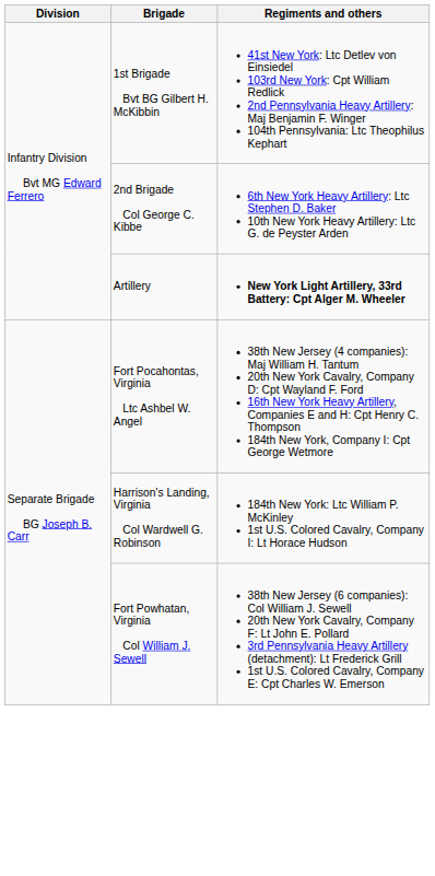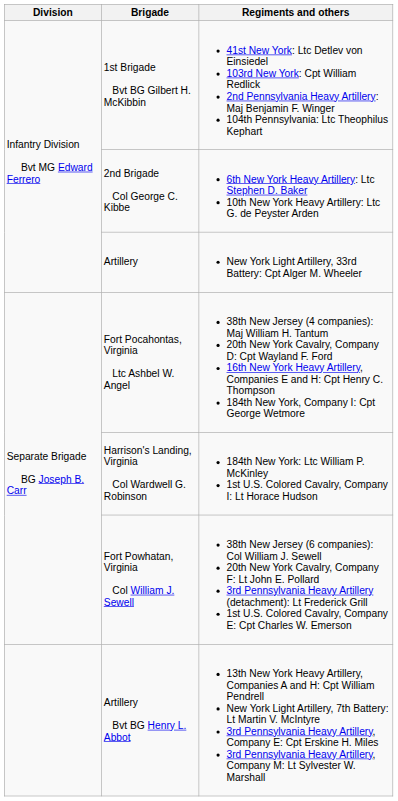 <table class="wikitable">
 <tr>
 <th style="width:25%;">Division</th>
 <th style="width:25%;">Brigade</th>
 <th>Regiments and others</th>
 </tr>
 <tr>
 <td rowspan=3><br>Infantry Division<br><br>     Bvt MG <a href='#'>Edward Ferrero</a></td>
 <td>1st Brigade<br><br>   Bvt BG Gilbert H. McKibbin</td>
 <td><br><ul><li><a href='#'>41st New York</a>:  Ltc Detlev von Einsiedel</li><li><a href='#'>103rd New York</a>: Cpt William Redlick</li><li><a href='#'>2nd Pennsylvania Heavy Artillery</a>: Maj Benjamin F. Winger</li><li>104th Pennsylvania: Ltc Theophilus Kephart</li></ul></td>
 </tr>
 <tr>
 <td>2nd Brigade<br><br>   Col George C. Kibbe</td>
 <td><br><ul><li><a href='#'>6th New York Heavy Artillery</a>: Ltc <a href='#'>Stephen D. Baker</a></li><li>10th New York Heavy Artillery: Ltc G. de Peyster Arden</li></ul></td>
 </tr>
 <tr>
 <td>Artillery</td>
-<td><strong><br><ul><li>New York Light Artillery, 33rd Battery: Cpt Alger M. Wheeler</li></ul></strong></td>
+<td><br><ul><li>New York Light Artillery, 33rd Battery: Cpt Alger M. Wheeler</li></ul></td>
 </tr>
 <tr>
 <td rowspan=3><br>Separate Brigade<br><br>     BG <a href='#'>Joseph B. Carr</a></td>
 <td>Fort Pocahontas, Virginia<br><br>   Ltc Ashbel W. Angel</td>
 <td><br><ul><li>38th New Jersey (4 companies): Maj William H. Tantum</li><li>20th New York Cavalry, Company D: Cpt Wayland F. Ford</li><li><a href='#'>16th New York Heavy Artillery</a>, Companies E and H: Cpt Henry C. Thompson</li><li>184th New York, Company I: Cpt George Wetmore</li></ul></td>
 </tr>
 <tr>
 <td>Harrison's Landing, Virginia<br><br>   Col Wardwell G. Robinson</td>
 <td><br><ul><li>184th New York: Ltc William P. McKinley</li><li>1st U.S. Colored Cavalry, Company I: Lt Horace Hudson</li></ul></td>
 </tr>
 <tr>
 <td>Fort Powhatan, Virginia<br><br>   Col <a href='#'>William J. Sewell</a></td>
 <td><br><ul><li>38th New Jersey (6 companies): Col William J. Sewell</li><li>20th New York Cavalry, Company F: Lt John E. Pollard</li><li><a href='#'>3rd Pennsylvania Heavy Artillery</a> (detachment): Lt Frederick Grill</li><li>1st U.S. Colored Cavalry, Company E: Cpt Charles W. Emerson</li></ul></td>
 </tr>
+<tr>
+<td></td>
+<td>Artillery<br><br>   Bvt BG <a href='#'>Henry L. Abbot</a></td>
+<td><br><ul><li>13th New York Heavy Artillery, Companies A and H: Cpt William Pendrell</li><li>New York Light Artillery, 7th Battery: Lt Martin V. McIntyre</li><li><a href='#'>3rd Pennsylvania Heavy Artillery</a>, Company E: Cpt Erskine H. Miles</li><li><a href='#'>3rd Pennsylvania Heavy Artillery</a>, Company M: Lt Sylvester W. Marshall</li></ul></td>
+</tr>
 </table>
